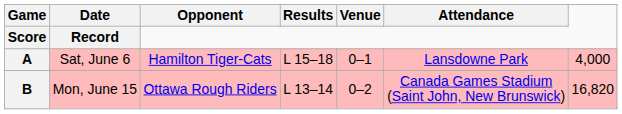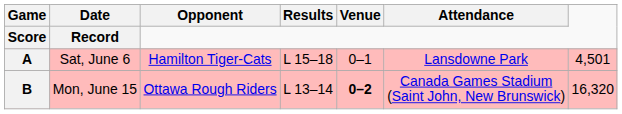 <table class="wikitable" style="text-align:center">
 <tr>
 <th>Game</th>
 <th>Date</th>
 <th>Opponent</th>
 <th>Results</th>
 <th>Venue</th>
 <th>Attendance</th>
 </tr>
 <tr>
 <th>Score</th>
 <th>Record</th>
 </tr>
 <tr style="background:#ffbbbb">
 <th>A</th>
 <td>Sat, June 6</td>
 <td><a href='#'>Hamilton Tiger-Cats</a></td>
 <td>L 15–18</td>
 <td>0–1</td>
 <td><a href='#'>Lansdowne Park</a></td>
-<td>4,000</td>
+<td>4,501</td>
 </tr>
 <tr style="background:#ffbbbb">
 <th>B</th>
 <td>Mon, June 15</td>
 <td><a href='#'>Ottawa Rough Riders</a></td>
 <td>L 13–14</td>
-<td>0–2</td>
+<td><strong>0–2</strong></td>
 <td><a href='#'>Canada Games Stadium</a><br>(<a href='#'>Saint John, New Brunswick</a>)</td>
-<td>16,820</td>
+<td>16,320</td>
 </tr>
 </table>
